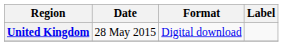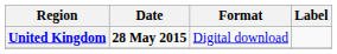 <table class="wikitable plainrowheaders">
 <tr>
 <th scope="col">Region</th>
 <th scope="col">Date</th>
 <th scope="col">Format</th>
 <th scope="col">Label</th>
 </tr>
 <tr>
 <th scope="row"><a href='#'>United Kingdom</a></th>
-<td>28 May 2015</td>
+<td><strong>28 May 2015</strong></td>
 <td><a href='#'>Digital download</a></td>
 <td></td>
 </tr>
 <tr>
 </tr>
 </table>
